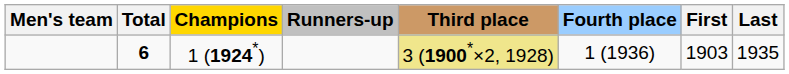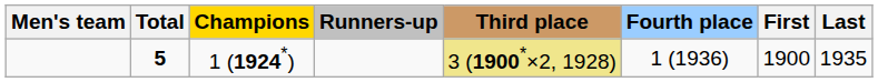 <table class="wikitable" style="text-align: center; font-size: 90%; margin-left: 1em;">
 <tr>
 <th>Men's team</th>
 <th>Total</th>
 <th style="background-color: gold;">Champions</th>
 <th style="background-color: silver;">Runners-up</th>
 <th style="background-color: #cc9966;">Third place</th>
 <th style="background-color: #9acdff;">Fourth place</th>
 <th>First</th>
 <th>Last</th>
 </tr>
 <tr>
 <td style="text-align: left;"></td>
-<td><strong>6</strong></td>
+<td><strong>5</strong></td>
 <td>1 (<strong>1924</strong><sup>*</sup>)</td>
 <td></td>
 <td style="background: khaki;">3 (<strong>1900</strong><sup>*</sup>×2, 1928)</td>
 <td>1 (1936)</td>
-<td>1903</td>
+<td>1900</td>
 <td>1935</td>
 </tr>
 </table>
